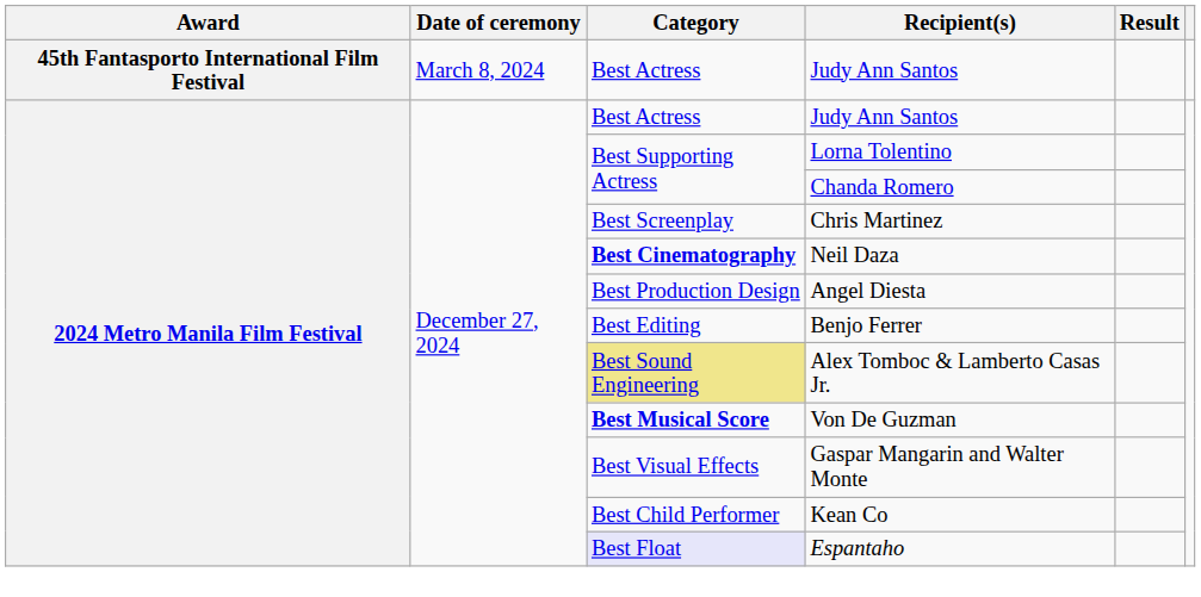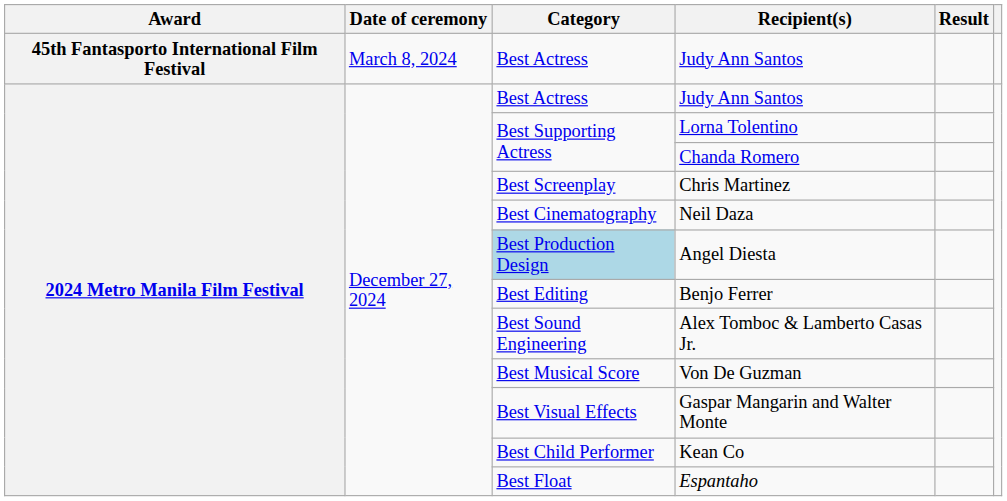 <table class="wikitable sortable plainrowheaders">
 <tr>
 <th scope="col">Award</th>
 <th scope="col" data-sort-type="date">Date of ceremony</th>
 <th scope="col">Category</th>
 <th scope="col">Recipient(s)</th>
 <th scope="col">Result</th>
 <th scope="col" class="unsortable"></th>
 </tr>
 <tr>
 <th scope="row">45th Fantasporto International Film Festival</th>
 <td><a href='#'>March 8, 2024</a></td>
 <td><a href='#'>Best Actress</a></td>
 <td><a href='#'>Judy Ann Santos</a></td>
 <td></td>
 <td></td>
 </tr>
 <tr>
 <th scope="row" rowspan="12"><a href='#'>2024 Metro Manila Film Festival</a></th>
 <td rowspan="12"><a href='#'>December 27, 2024</a></td>
 <td><a href='#'>Best Actress</a></td>
 <td><a href='#'>Judy Ann Santos</a></td>
 <td></td>
 <td rowspan="12"></td>
 </tr>
 <tr>
 <td rowspan="2"><a href='#'>Best Supporting Actress</a></td>
 <td><a href='#'>Lorna Tolentino</a></td>
 <td></td>
 </tr>
 <tr>
 <td><a href='#'>Chanda Romero</a></td>
 <td></td>
 </tr>
 <tr>
 <td><a href='#'>Best Screenplay</a></td>
 <td>Chris Martinez</td>
 <td></td>
 </tr>
 <tr>
-<td><strong><a href='#'>Best Cinematography</a></strong></td>
+<td><a href='#'>Best Cinematography</a></td>
 <td>Neil Daza</td>
 <td></td>
 </tr>
 <tr>
-<td><a href='#'>Best Production Design</a></td>
+<td style="background: lightblue;"><a href='#'>Best Production Design</a></td>
 <td>Angel Diesta</td>
 <td></td>
 </tr>
 <tr>
 <td><a href='#'>Best Editing</a></td>
 <td>Benjo Ferrer</td>
 <td></td>
 </tr>
 <tr>
-<td style="background: khaki;"><a href='#'>Best Sound Engineering</a></td>
+<td><a href='#'>Best Sound Engineering</a></td>
 <td>Alex Tomboc & Lamberto Casas Jr.</td>
 <td></td>
 </tr>
 <tr>
-<td><strong><a href='#'>Best Musical Score</a></strong></td>
+<td><a href='#'>Best Musical Score</a></td>
 <td>Von De Guzman</td>
 <td></td>
 </tr>
 <tr>
 <td><a href='#'>Best Visual Effects</a></td>
 <td>Gaspar Mangarin and Walter Monte</td>
 <td></td>
 </tr>
 <tr>
 <td><a href='#'>Best Child Performer</a></td>
 <td>Kean Co</td>
 <td></td>
 </tr>
 <tr>
-<td style="background: lavender;"><a href='#'>Best Float</a></td>
+<td><a href='#'>Best Float</a></td>
 <td><em>Espantaho</em></td>
 <td></td>
 </tr>
 </table>
